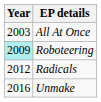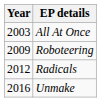 <table class="wikitable" style="text-align:center;">
 <tr>
 <th>Year</th>
 <th>EP details</th>
 </tr>
 <tr>
 <td>2003</td>
 <td style="text-align:left;"><em>All At Once</em><br></td>
 </tr>
 <tr>
-<td style="background: paleturquoise;">2009</td>
+<td>2009</td>
 <td style="text-align:left;"><em>Roboteering</em><br></td>
 </tr>
 <tr>
 <td>2012</td>
 <td style="text-align:left;"><em>Radicals</em><br></td>
 </tr>
 <tr>
 <td>2016</td>
 <td style="text-align:left;"><em>Unmake</em><br></td>
 </tr>
 </table>
